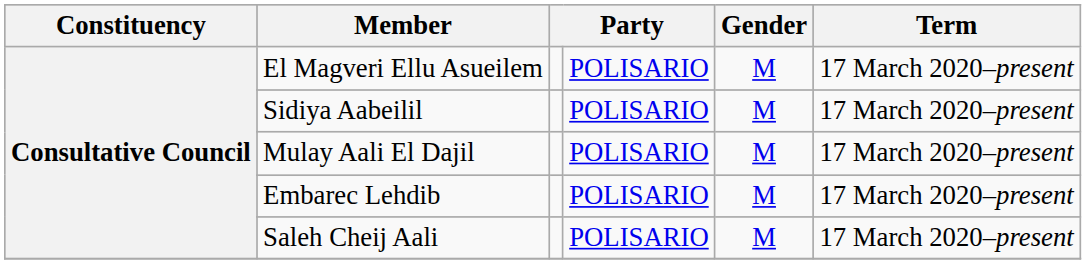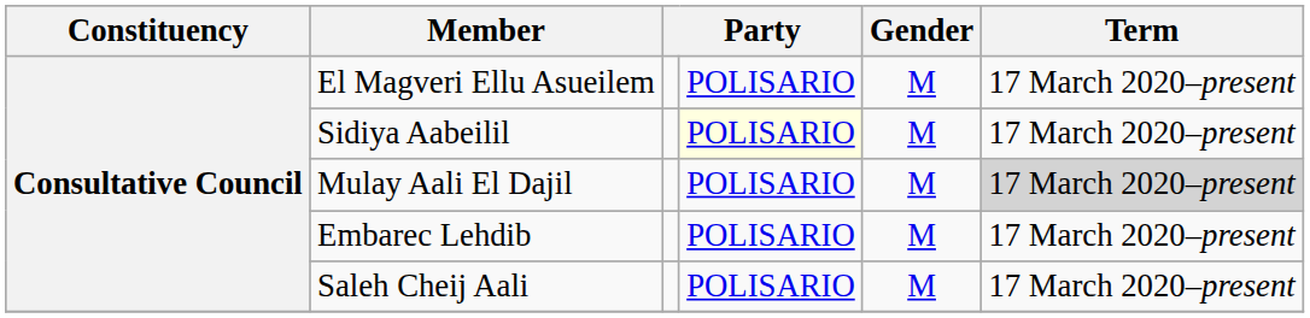 <table class="wikitable">
 <tr valign=bottom>
 <th>Constituency</th>
 <th>Member</th>
 <th colspan="2">Party</th>
 <th>Gender</th>
 <th>Term</th>
 </tr>
 <tr>
 <th rowspan="5">Consultative Council</th>
 <td>El Magveri Ellu Asueilem</td>
 <td width="1"></td>
 <td><a href='#'>POLISARIO</a></td>
 <td align="center"><a href='#'>M</a></td>
 <td>17 March 2020–<em>present</em></td>
 </tr>
 <tr>
 <td>Sidiya Aabeilil</td>
 <td width="1"></td>
-<td><a href='#'>POLISARIO</a></td>
+<td style="background: lightyellow;"><a href='#'>POLISARIO</a></td>
 <td align="center"><a href='#'>M</a></td>
 <td>17 March 2020–<em>present</em></td>
 </tr>
 <tr>
 <td>Mulay Aali El Dajil</td>
 <td width="1"></td>
 <td><a href='#'>POLISARIO</a></td>
 <td align="center"><a href='#'>M</a></td>
-<td>17 March 2020–<em>present</em></td>
+<td style="background: lightgrey;">17 March 2020–<em>present</em></td>
 </tr>
 <tr>
 <td>Embarec Lehdib</td>
 <td width="1"></td>
 <td><a href='#'>POLISARIO</a></td>
 <td align="center"><a href='#'>M</a></td>
 <td>17 March 2020–<em>present</em></td>
 </tr>
 <tr>
 <td>Saleh Cheij Aali</td>
 <td width="1"></td>
 <td><a href='#'>POLISARIO</a></td>
 <td align="center"><a href='#'>M</a></td>
 <td>17 March 2020–<em>present</em></td>
 </tr>
 <tr>
 </tr>
 </table>
